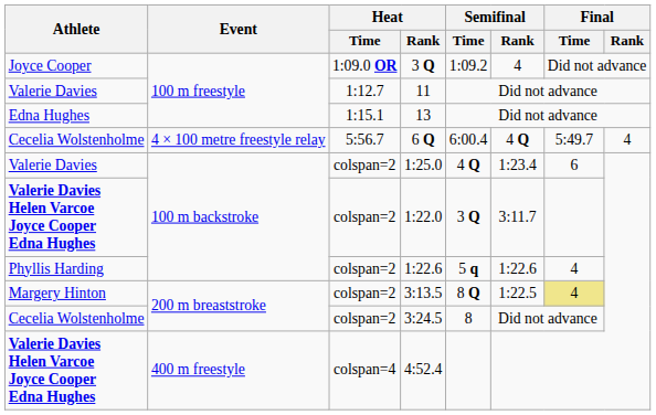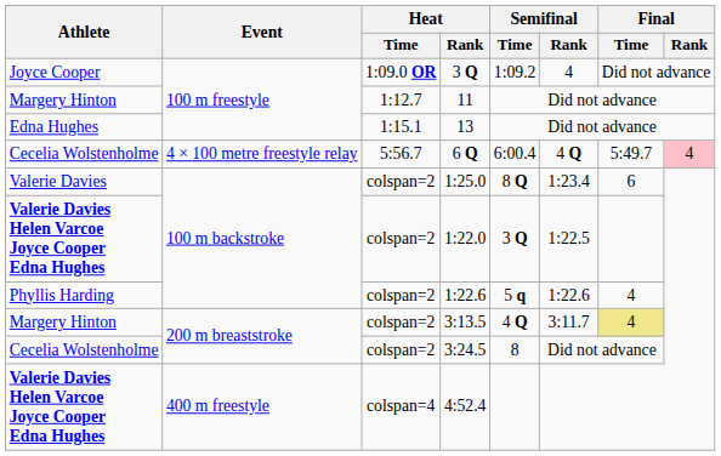 <table class=wikitable style="font-size:90%;">
 <tr>
 <th rowspan=2>Athlete</th>
 <th rowspan=2>Event</th>
 <th colspan=2>Heat</th>
 <th colspan=2>Semifinal</th>
 <th colspan=2>Final</th>
 </tr>
 <tr style="font-size:95%">
 <th>Time</th>
 <th>Rank</th>
 <th>Time</th>
 <th>Rank</th>
 <th>Time</th>
 <th>Rank</th>
 </tr>
 <tr align=center>
 <td align=left><a href='#'>Joyce Cooper</a></td>
 <td rowspan=3 align=left><a href='#'>100 m freestyle</a></td>
 <td>1:09.0 <strong><a href='#'>OR</a></strong></td>
 <td>3 <strong>Q</strong></td>
 <td>1:09.2</td>
 <td>4</td>
 <td colspan=2>Did not advance</td>
 </tr>
 <tr align=center>
-<td align=left><a href='#'>Valerie Davies</a></td>
+<td align=left><a href='#'>Margery Hinton</a></td>
 <td>1:12.7</td>
 <td>11</td>
 <td colspan=4>Did not advance</td>
 </tr>
 <tr align=center>
 <td align=left><a href='#'>Edna Hughes</a></td>
 <td>1:15.1</td>
 <td>13</td>
 <td colspan=4>Did not advance</td>
 </tr>
 <tr align=center>
 <td align=left><a href='#'>Cecelia Wolstenholme</a></td>
 <td align=left><a href='#'>4 × 100 metre freestyle relay</a></td>
 <td>5:56.7</td>
 <td>6 <strong>Q</strong></td>
 <td>6:00.4</td>
 <td>4 <strong>Q</strong></td>
 <td>5:49.7</td>
-<td>4</td>
+<td style="background: pink;">4</td>
 </tr>
 <tr align=center>
 <td align=left><a href='#'>Valerie Davies</a></td>
 <td rowspan=3 align=left><a href='#'>100 m backstroke</a></td>
 <td>colspan=2 </td>
 <td>1:25.0</td>
-<td>4 <strong>Q</strong></td>
+<td>8 <strong>Q</strong></td>
 <td>1:23.4</td>
 <td>6</td>
 </tr>
 <tr align=center>
 <td align=left><strong><a href='#'>Valerie Davies</a><br><a href='#'>Helen Varcoe</a><br><a href='#'>Joyce Cooper</a><br><a href='#'>Edna Hughes</a></strong></td>
 <td>colspan=2 </td>
 <td>1:22.0</td>
 <td>3 <strong>Q</strong></td>
-<td>3:11.7</td>
+<td>1:22.5</td>
 <td></td>
 </tr>
 <tr align=center>
 <td align=left><a href='#'>Phyllis Harding</a></td>
 <td>colspan=2 </td>
 <td>1:22.6</td>
 <td>5 <strong>q</strong></td>
 <td>1:22.6</td>
 <td>4</td>
 </tr>
 <tr align=center>
 <td align=left><a href='#'>Margery Hinton</a></td>
 <td rowspan=2 align=left><a href='#'>200 m breaststroke</a></td>
 <td>colspan=2 </td>
 <td>3:13.5</td>
-<td>8 <strong>Q</strong></td>
-<td>1:22.5</td>
+<td>4 <strong>Q</strong></td>
+<td>3:11.7</td>
 <td style="background: khaki;">4</td>
 </tr>
 <tr align=center>
 <td align=left><a href='#'>Cecelia Wolstenholme</a></td>
 <td>colspan=2 </td>
 <td>3:24.5</td>
 <td>8</td>
 <td colspan=2>Did not advance</td>
 </tr>
 <tr align=center>
 <td align=left><strong><a href='#'>Valerie Davies</a><br><a href='#'>Helen Varcoe</a><br><a href='#'>Joyce Cooper</a><br><a href='#'>Edna Hughes</a></strong></td>
 <td align=left><a href='#'>400 m freestyle</a></td>
 <td>colspan=4 </td>
 <td>4:52.4</td>
 <td></td>
 </tr>
 </table>
